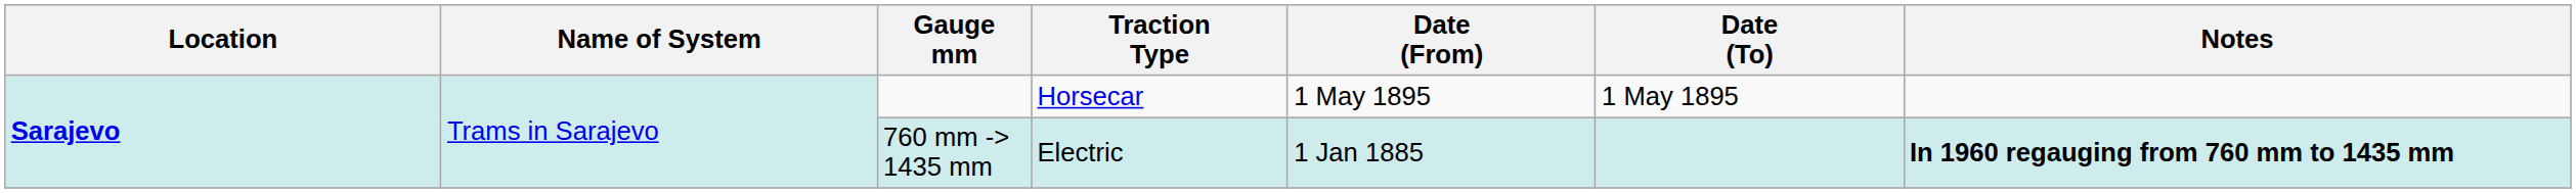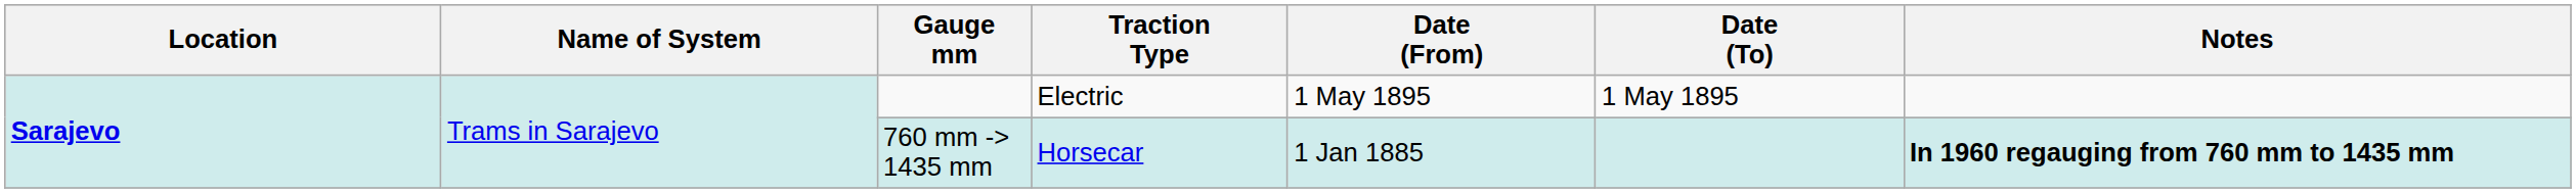 <table class="wikitable">
 <tr>
 <th width=17%>Location</th>
 <th width=17%>Name of System</th>
 <th width=06%>Gauge <br>mm</th>
 <th width=10%>Traction<br>Type</th>
 <th width=12%>Date <br>(From)</th>
 <th width=12%>Date <br>(To)</th>
 <th width=30%>Notes</th>
 </tr>
 <tr>
 <td style="background:#CFECEC" rowspan="2"><strong><a href='#'>Sarajevo</a></strong></td>
 <td style="background:#CFECEC" rowspan="2"><a href='#'>Trams in Sarajevo</a></td>
 <td></td>
-<td><a href='#'>Horsecar</a></td>
+<td>Electric</td>
 <td>1 May 1895</td>
 <td>1 May 1895</td>
 <td></td>
 </tr>
 <tr style="background:#CFECEC">
 <td>760 mm -> 1435 mm</td>
-<td>Electric</td>
+<td><a href='#'>Horsecar</a></td>
 <td>1 Jan 1885</td>
 <td> </td>
 <td><strong>In 1960 regauging from 760 mm to 1435 mm</strong></td>
 </tr>
 </table>
